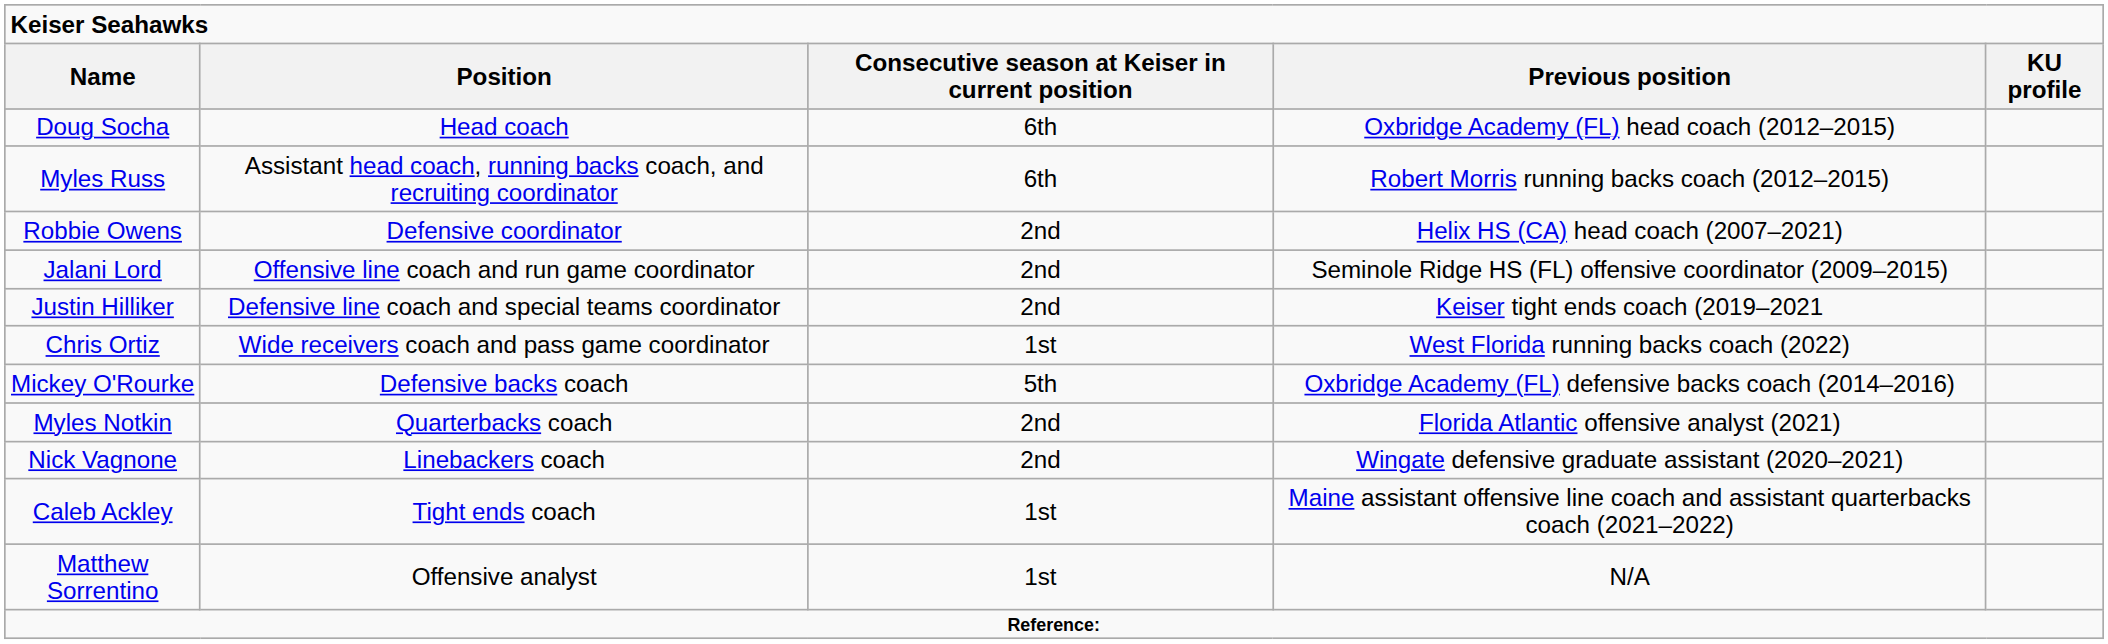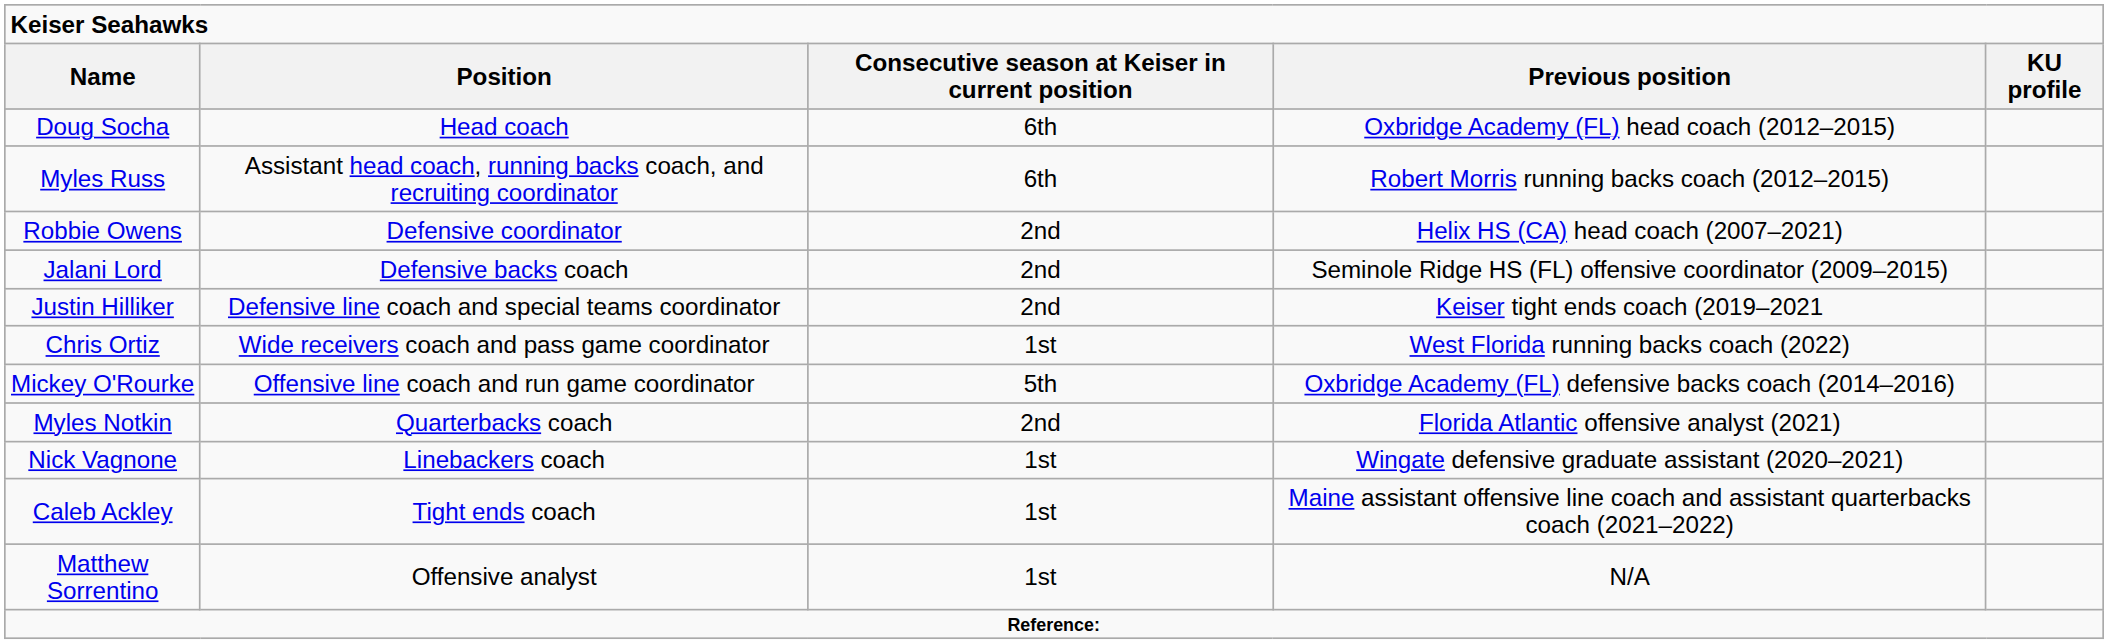 <table class="wikitable" style="font-size:90%;">
 <tr>
 <td colspan=5><strong>Keiser Seahawks</strong></td>
 </tr>
 <tr align="center";>
 <th>Name</th>
 <th>Position</th>
 <th>Consecutive season at Keiser in current position</th>
 <th>Previous position</th>
 <th>KU profile</th>
 </tr>
 <tr align="center";>
 <td><a href='#'>Doug Socha</a></td>
 <td><a href='#'>Head coach</a></td>
 <td>6th</td>
 <td><a href='#'>Oxbridge Academy (FL)</a> head coach (2012–2015)</td>
 <td></td>
 </tr>
 <tr align="center";>
 <td><a href='#'>Myles Russ</a></td>
 <td>Assistant <a href='#'>head coach</a>, <a href='#'>running backs</a> coach, and <a href='#'>recruiting coordinator</a></td>
 <td>6th</td>
 <td><a href='#'>Robert Morris</a> running backs coach (2012–2015)</td>
 <td></td>
 </tr>
 <tr align="center";>
 <td><a href='#'>Robbie Owens</a></td>
 <td><a href='#'>Defensive coordinator</a></td>
 <td>2nd</td>
 <td><a href='#'>Helix HS (CA)</a> head coach (2007–2021)</td>
 <td></td>
 </tr>
 <tr align="center";>
 <td><a href='#'>Jalani Lord</a></td>
-<td><a href='#'>Offensive line</a> coach and run game coordinator</td>
+<td><a href='#'>Defensive backs</a> coach</td>
 <td>2nd</td>
 <td>Seminole Ridge HS (FL) offensive coordinator (2009–2015)</td>
 <td></td>
 </tr>
 <tr align="center";>
 <td><a href='#'>Justin Hilliker</a></td>
 <td><a href='#'>Defensive line</a> coach and special teams coordinator</td>
 <td>2nd</td>
 <td><a href='#'>Keiser</a> tight ends coach (2019–2021</td>
 <td></td>
 </tr>
 <tr align="center";>
 <td><a href='#'>Chris Ortiz</a></td>
 <td><a href='#'>Wide receivers</a> coach and pass game coordinator</td>
 <td>1st</td>
 <td><a href='#'>West Florida</a> running backs coach (2022)</td>
 <td></td>
 </tr>
 <tr align="center";>
 <td><a href='#'>Mickey O'Rourke</a></td>
-<td><a href='#'>Defensive backs</a> coach</td>
+<td><a href='#'>Offensive line</a> coach and run game coordinator</td>
 <td>5th</td>
 <td><a href='#'>Oxbridge Academy (FL)</a> defensive backs coach (2014–2016)</td>
 <td></td>
 </tr>
 <tr align="center";>
 <td><a href='#'>Myles Notkin</a></td>
 <td><a href='#'>Quarterbacks</a> coach</td>
 <td>2nd</td>
 <td><a href='#'>Florida Atlantic</a> offensive analyst (2021)</td>
 <td></td>
 </tr>
 <tr align="center";>
 <td><a href='#'>Nick Vagnone</a></td>
 <td><a href='#'>Linebackers</a> coach</td>
-<td>2nd</td>
+<td>1st</td>
 <td><a href='#'>Wingate</a> defensive graduate assistant (2020–2021)</td>
 <td></td>
 </tr>
 <tr align="center";>
 <td><a href='#'>Caleb Ackley</a></td>
 <td><a href='#'>Tight ends</a> coach</td>
 <td>1st</td>
 <td><a href='#'>Maine</a> assistant offensive line coach and assistant quarterbacks coach (2021–2022)</td>
 <td></td>
 </tr>
 <tr align="center" ;>
 <td><a href='#'>Matthew Sorrentino</a></td>
 <td>Offensive analyst</td>
 <td>1st</td>
 <td>N/A</td>
 <td></td>
 </tr>
 <tr>
 <td colspan="5" style="font-size:8pt; text-align:center;"><strong>Reference:</strong></td>
 </tr>
 </table>
